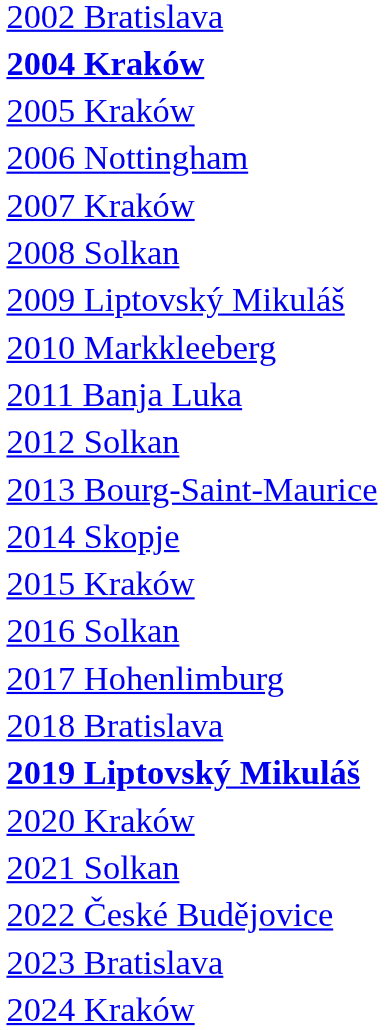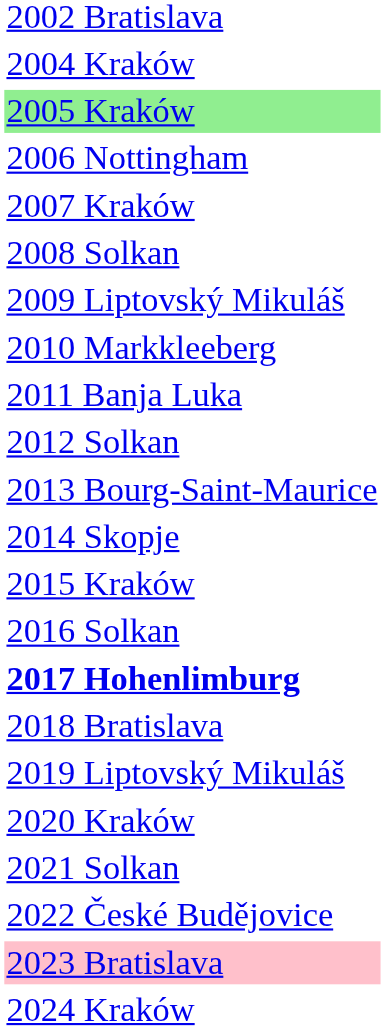 <table>
 <tr>
 <td><a href='#'>2002 Bratislava</a></td>
 <td></td>
 <td></td>
 <td></td>
 </tr>
 <tr>
-<td><strong><a href='#'>2004 Kraków</a></strong></td>
+<td><a href='#'>2004 Kraków</a></td>
 <td></td>
 <td></td>
 <td></td>
 </tr>
 <tr>
-<td><a href='#'>2005 Kraków</a></td>
+<td style="background: lightgreen;"><a href='#'>2005 Kraków</a></td>
 <td></td>
 <td></td>
 <td></td>
 </tr>
 <tr>
 <td><a href='#'>2006 Nottingham</a></td>
 <td></td>
 <td></td>
 <td></td>
 </tr>
 <tr>
 <td><a href='#'>2007 Kraków</a></td>
 <td></td>
 <td></td>
 <td></td>
 </tr>
 <tr>
 <td><a href='#'>2008 Solkan</a></td>
 <td></td>
 <td></td>
 <td></td>
 </tr>
 <tr>
 <td><a href='#'>2009 Liptovský Mikuláš</a></td>
 <td></td>
 <td></td>
 <td></td>
 </tr>
 <tr>
 <td><a href='#'>2010 Markkleeberg</a></td>
 <td></td>
 <td></td>
 <td></td>
 </tr>
 <tr>
 <td><a href='#'>2011 Banja Luka</a></td>
 <td></td>
 <td></td>
 <td></td>
 </tr>
 <tr>
 <td><a href='#'>2012 Solkan</a></td>
 <td></td>
 <td></td>
 <td></td>
 </tr>
 <tr>
 <td><a href='#'>2013 Bourg-Saint-Maurice</a></td>
 <td></td>
 <td></td>
 <td></td>
 </tr>
 <tr>
 <td><a href='#'>2014 Skopje</a></td>
 <td></td>
 <td></td>
 <td></td>
 </tr>
 <tr>
 <td><a href='#'>2015 Kraków</a></td>
 <td></td>
 <td></td>
 <td></td>
 </tr>
 <tr>
 <td><a href='#'>2016 Solkan</a></td>
 <td></td>
 <td></td>
 <td></td>
 </tr>
 <tr>
-<td><a href='#'>2017 Hohenlimburg</a></td>
+<td><strong><a href='#'>2017 Hohenlimburg</a></strong></td>
 <td></td>
 <td></td>
 <td></td>
 </tr>
 <tr>
 <td><a href='#'>2018 Bratislava</a></td>
 <td></td>
 <td></td>
 <td></td>
 </tr>
 <tr>
-<td><strong><a href='#'>2019 Liptovský Mikuláš</a></strong></td>
+<td><a href='#'>2019 Liptovský Mikuláš</a></td>
 <td></td>
 <td></td>
 <td></td>
 </tr>
 <tr>
 <td><a href='#'>2020 Kraków</a></td>
 <td></td>
 <td></td>
 <td></td>
 </tr>
 <tr>
 <td><a href='#'>2021 Solkan</a></td>
 <td></td>
 <td></td>
 <td></td>
 </tr>
 <tr>
 <td><a href='#'>2022 České Budějovice</a></td>
 <td></td>
 <td></td>
 <td></td>
 </tr>
 <tr>
-<td><a href='#'>2023 Bratislava</a></td>
+<td style="background: pink;"><a href='#'>2023 Bratislava</a></td>
 <td></td>
 <td></td>
 <td></td>
 </tr>
 <tr>
 <td><a href='#'>2024 Kraków</a></td>
 <td></td>
 <td></td>
 <td></td>
 </tr>
 </table>
